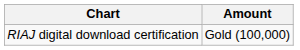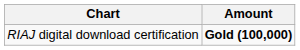 <table class="wikitable">
 <tr>
 <th>Chart</th>
 <th>Amount</th>
 </tr>
 <tr>
 <td><em>RIAJ</em> digital download certification</td>
-<td align="center">Gold (100,000)</td>
+<td align="center"><strong>Gold (100,000)</strong></td>
 </tr>
 </table>
